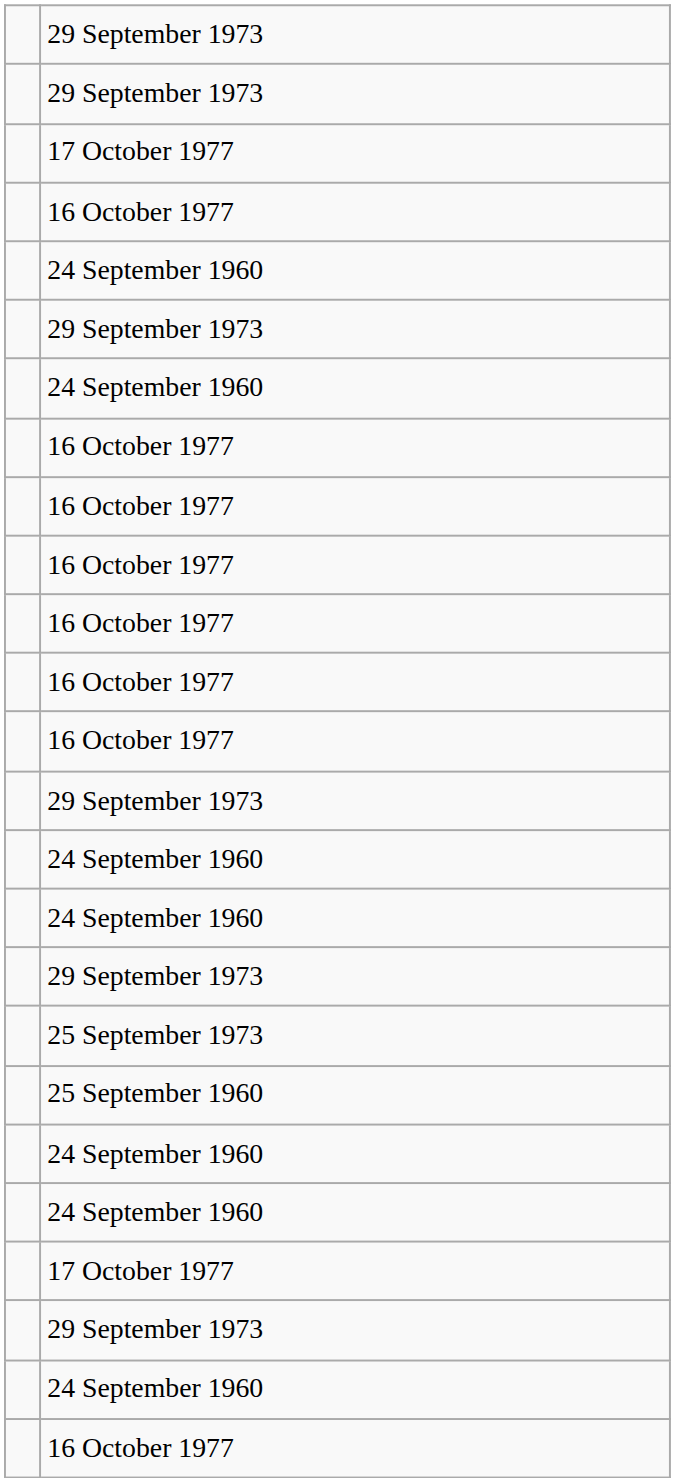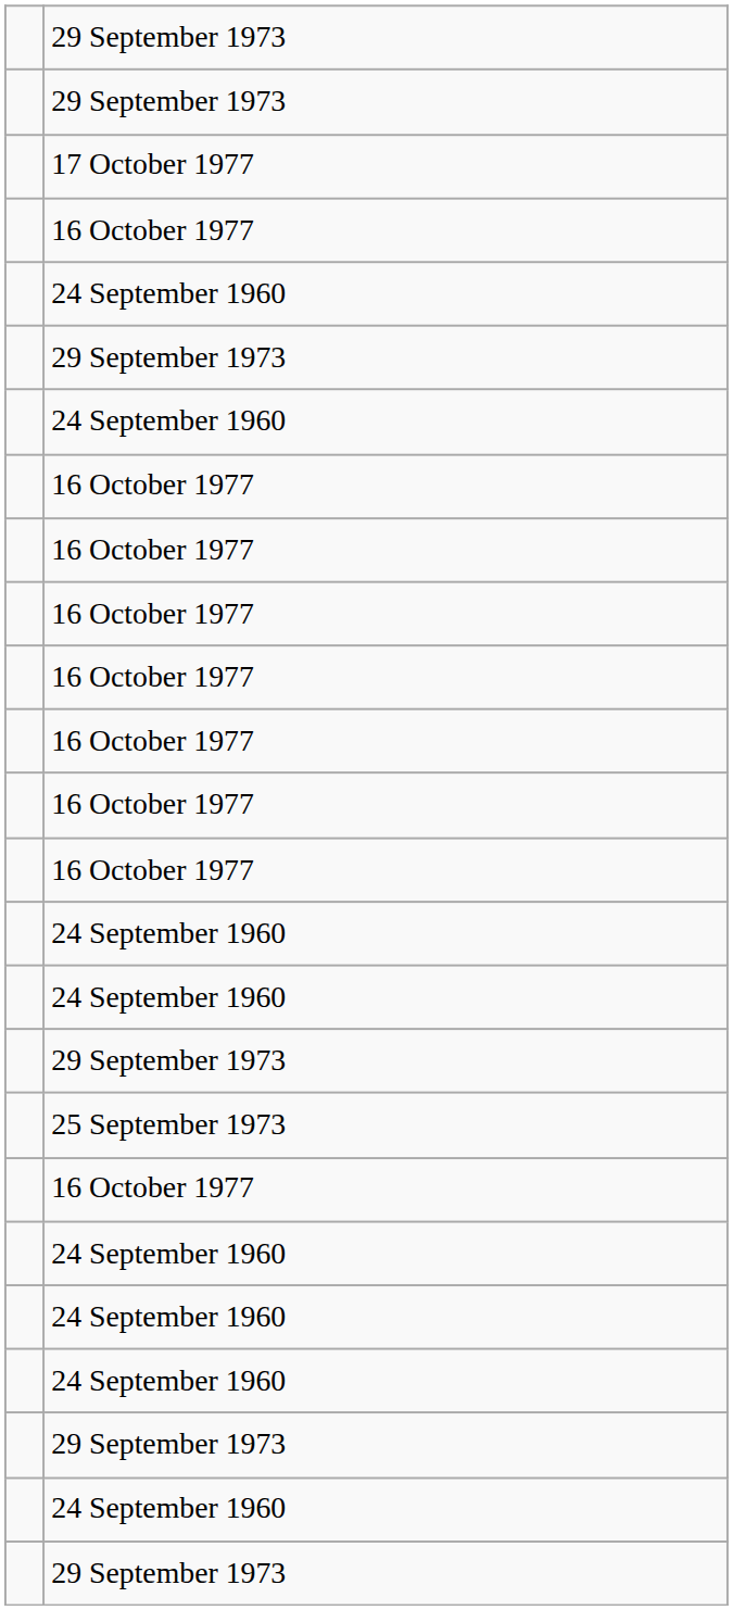 <table class="wikitable" style="font-size: 89%; float: left; width: 24em; margin-right: 1em; line-height: 1.65em">
 <tr>
 <td></td>
 <td>29 September 1973</td>
 </tr>
 <tr>
 <td></td>
 <td>29 September 1973</td>
 </tr>
 <tr>
 <td></td>
 <td>17 October 1977</td>
 </tr>
 <tr>
 <td></td>
 <td>16 October 1977</td>
 </tr>
 <tr>
 <td></td>
 <td>24 September 1960</td>
 </tr>
 <tr>
 <td></td>
 <td>29 September 1973</td>
 </tr>
 <tr>
 <td></td>
 <td>24 September 1960</td>
 </tr>
 <tr>
 <td></td>
 <td>16 October 1977</td>
 </tr>
 <tr>
 <td></td>
 <td>16 October 1977</td>
 </tr>
 <tr>
 <td></td>
 <td>16 October 1977</td>
 </tr>
 <tr>
 <td></td>
 <td>16 October 1977</td>
 </tr>
 <tr>
 <td></td>
 <td>16 October 1977</td>
 </tr>
 <tr>
 <td></td>
 <td>16 October 1977</td>
 </tr>
 <tr>
 <td></td>
-<td>29 September 1973</td>
+<td>16 October 1977</td>
 </tr>
 <tr>
 <td></td>
 <td>24 September 1960</td>
 </tr>
 <tr>
 <td></td>
 <td>24 September 1960</td>
 </tr>
 <tr>
 <td></td>
 <td>29 September 1973</td>
 </tr>
 <tr>
 <td></td>
 <td>25 September 1973</td>
 </tr>
 <tr>
 <td></td>
-<td>25 September 1960</td>
+<td>16 October 1977</td>
 </tr>
 <tr>
 <td></td>
 <td>24 September 1960</td>
 </tr>
 <tr>
 <td></td>
 <td>24 September 1960</td>
 </tr>
 <tr>
 <td></td>
-<td>17 October 1977</td>
+<td>24 September 1960</td>
 </tr>
 <tr>
 <td></td>
 <td>29 September 1973</td>
 </tr>
 <tr>
 <td></td>
 <td>24 September 1960</td>
 </tr>
 <tr>
 <td></td>
-<td>16 October 1977</td>
+<td>29 September 1973</td>
 </tr>
 </table>
